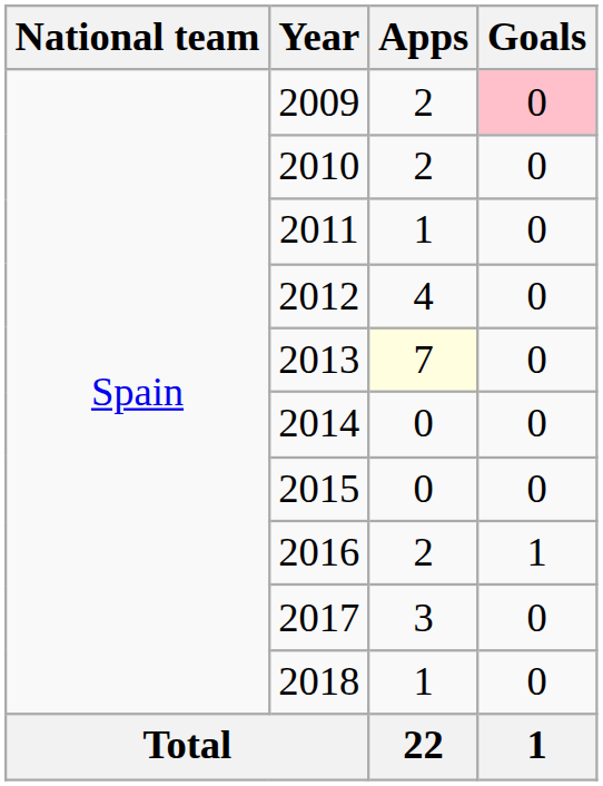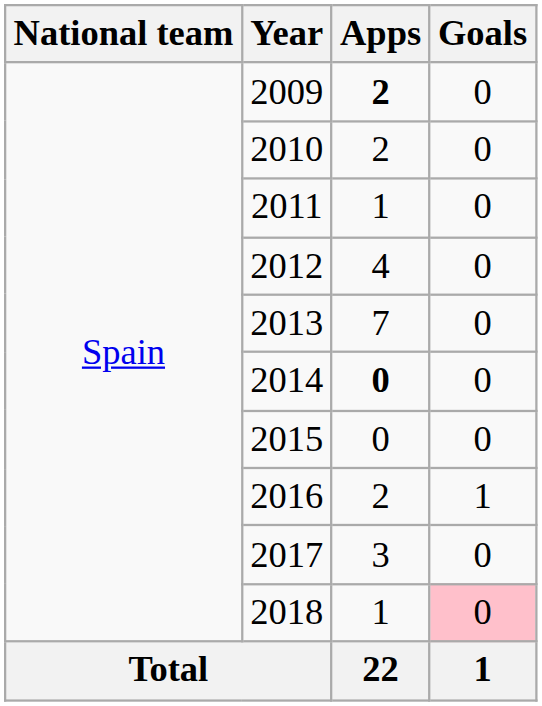 <table class="wikitable" style="text-align: center;">
 <tr>
 <th>National team</th>
 <th>Year</th>
 <th>Apps</th>
 <th>Goals</th>
 </tr>
 <tr>
 <td rowspan="10" valign="center"><a href='#'>Spain</a></td>
 <td>2009</td>
-<td>2</td>
-<td style="background: pink;">0</td>
+<td><strong>2</strong></td>
+<td>0</td>
 </tr>
 <tr>
 <td>2010</td>
 <td>2</td>
 <td>0</td>
 </tr>
 <tr>
 <td>2011</td>
 <td>1</td>
 <td>0</td>
 </tr>
 <tr>
 <td>2012</td>
 <td>4</td>
 <td>0</td>
 </tr>
 <tr>
 <td>2013</td>
-<td style="background: lightyellow;">7</td>
+<td>7</td>
 <td>0</td>
 </tr>
 <tr>
 <td>2014</td>
-<td>0</td>
+<td><strong>0</strong></td>
 <td>0</td>
 </tr>
 <tr>
 <td>2015</td>
 <td>0</td>
 <td>0</td>
 </tr>
 <tr>
 <td>2016</td>
 <td>2</td>
 <td>1</td>
 </tr>
 <tr>
 <td>2017</td>
 <td>3</td>
 <td>0</td>
 </tr>
 <tr>
 <td>2018</td>
 <td>1</td>
-<td>0</td>
+<td style="background: pink;">0</td>
 </tr>
 <tr>
 <th colspan="2">Total</th>
 <th>22</th>
 <th>1</th>
 </tr>
 </table>
